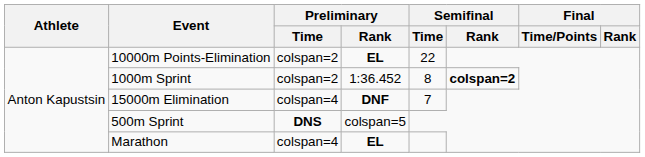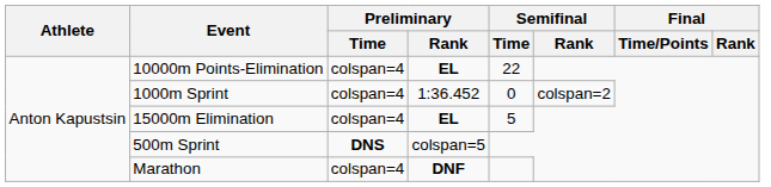 <table class="wikitable" border="1" style="font-size:90%">
 <tr>
 <th rowspan="2">Athlete</th>
 <th rowspan="2">Event</th>
 <th colspan="2">Preliminary</th>
 <th colspan="2">Semifinal</th>
 <th colspan="2">Final</th>
 </tr>
 <tr>
 <th>Time</th>
 <th>Rank</th>
 <th>Time</th>
 <th>Rank</th>
 <th>Time/Points</th>
 <th>Rank</th>
 </tr>
 <tr align="center">
 <td rowspan="5" align="left">Anton Kapustsin</td>
 <td align="left">10000m Points-Elimination</td>
-<td>colspan=2 </td>
+<td>colspan=4 </td>
 <td><strong>EL</strong></td>
 <td>22</td>
 </tr>
 <tr align="center">
 <td align="left">1000m Sprint</td>
+<td>colspan=4 </td>
+<td>1:36.452</td>
+<td>0</td>
 <td>colspan=2 </td>
-<td>1:36.452</td>
-<td>8</td>
-<td><strong>colspan=2 </strong></td>
 </tr>
 <tr align="center">
 <td align="left">15000m Elimination</td>
 <td>colspan=4 </td>
-<td><strong>DNF</strong></td>
-<td>7</td>
+<td><strong>EL</strong></td>
+<td>5</td>
 </tr>
 <tr align="center">
 <td align="left">500m Sprint</td>
 <td><strong>DNS</strong></td>
 <td>colspan=5</td>
 </tr>
 <tr align="center">
 <td align="left">Marathon</td>
 <td>colspan=4 </td>
-<td><strong>EL</strong></td>
+<td><strong>DNF</strong></td>
 <td></td>
 </tr>
 </table>
